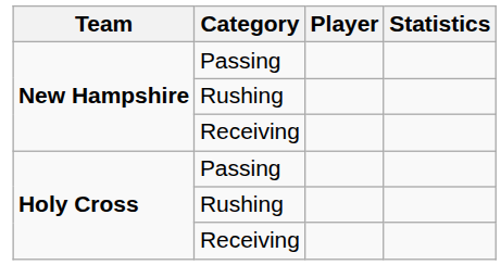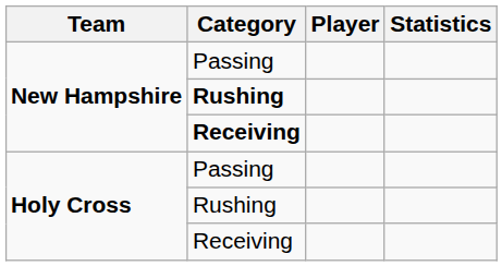 <table class="wikitable" style="float: right;">
 <tr>
 <th>Team</th>
 <th>Category</th>
 <th>Player</th>
 <th>Statistics</th>
 </tr>
 <tr>
 <td rowspan=3><strong>New Hampshire</strong></td>
 <td>Passing</td>
 <td></td>
 <td></td>
 </tr>
 <tr>
-<td>Rushing</td>
+<td><strong>Rushing</strong></td>
 <td></td>
 <td></td>
 </tr>
 <tr>
-<td>Receiving</td>
+<td><strong>Receiving</strong></td>
 <td></td>
 <td></td>
 </tr>
 <tr>
 <td rowspan=3><strong>Holy Cross</strong></td>
 <td>Passing</td>
 <td></td>
 <td></td>
 </tr>
 <tr>
 <td>Rushing</td>
 <td></td>
 <td></td>
 </tr>
 <tr>
 <td>Receiving</td>
 <td></td>
 <td></td>
 </tr>
 </table>
